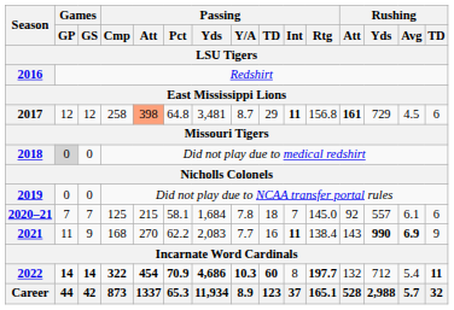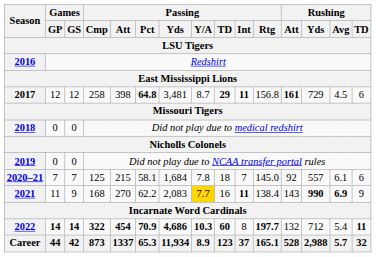 <table class="wikitable" style="text-align:center;">
 <tr>
 <th rowspan="2">Season</th>
 <th colspan="2">Games</th>
 <th colspan="8">Passing</th>
 <th colspan="4">Rushing</th>
 </tr>
 <tr>
 <th>GP</th>
 <th>GS</th>
 <th>Cmp</th>
 <th>Att</th>
 <th>Pct</th>
 <th>Yds</th>
 <th>Y/A</th>
 <th>TD</th>
 <th>Int</th>
 <th>Rtg</th>
 <th>Att</th>
 <th>Yds</th>
 <th>Avg</th>
 <th>TD</th>
 </tr>
 <tr>
 <th colspan="16">LSU Tigers</th>
 </tr>
 <tr>
 <th><a href='#'>2016</a></th>
 <td colspan="14"> <em><a href='#'>Redshirt</a></em></td>
 </tr>
 <tr>
 <th colspan="16">East Mississippi Lions</th>
 </tr>
 <tr>
 <th>2017</th>
 <td>12</td>
 <td>12</td>
 <td>258</td>
-<td style="background: lightsalmon;">398</td>
-<td>64.8</td>
+<td>398</td>
+<td><strong>64.8</strong></td>
 <td>3,481</td>
 <td>8.7</td>
-<td>29</td>
+<td><strong>29</strong></td>
 <td><strong>11</strong></td>
 <td>156.8</td>
 <td><strong>161</strong></td>
 <td>729</td>
 <td>4.5</td>
 <td>6</td>
 </tr>
 <tr>
 <th colspan="16">Missouri Tigers</th>
 </tr>
 <tr>
 <th><a href='#'>2018</a></th>
-<td style="background: lightgrey;">0</td>
+<td>0</td>
 <td>0</td>
 <td colspan="12"><em>Did not play due to <a href='#'>medical redshirt</a></em></td>
 </tr>
 <tr>
 <th colspan="16">Nicholls Colonels</th>
 </tr>
 <tr>
 <th><a href='#'>2019</a></th>
 <td>0</td>
 <td>0</td>
 <td colspan="12"><em>Did not play due to <a href='#'>NCAA transfer portal</a> rules</em></td>
 </tr>
 <tr>
 <th><a href='#'>2020–21</a></th>
 <td>7</td>
 <td>7</td>
 <td>125</td>
 <td>215</td>
 <td>58.1</td>
 <td>1,684</td>
 <td>7.8</td>
 <td>18</td>
 <td>7</td>
 <td>145.0</td>
 <td>92</td>
 <td>557</td>
 <td>6.1</td>
 <td>6</td>
 </tr>
 <tr>
 <th><a href='#'>2021</a></th>
 <td>11</td>
 <td>9</td>
 <td>168</td>
 <td>270</td>
 <td>62.2</td>
 <td>2,083</td>
-<td>7.7</td>
+<td style="background: gold;">7.7</td>
 <td>16</td>
 <td><strong>11</strong></td>
 <td>138.4</td>
 <td>143</td>
 <td><strong>990</strong></td>
 <td><strong>6.9</strong></td>
 <td>9</td>
 </tr>
 <tr>
 <th colspan="16">Incarnate Word Cardinals</th>
 </tr>
 <tr>
 <th><a href='#'>2022</a></th>
 <td><strong>14</strong></td>
 <td><strong>14</strong></td>
 <td><strong>322</strong></td>
 <td><strong>454</strong></td>
 <td><strong>70.9</strong></td>
 <td><strong>4,686</strong></td>
 <td><strong>10.3</strong></td>
 <td><strong>60</strong></td>
 <td>8</td>
 <td><strong>197.7</strong></td>
 <td>132</td>
 <td>712</td>
 <td>5.4</td>
 <td><strong>11</strong></td>
 </tr>
 <tr>
 <th align=center>Career</th>
 <th>44</th>
 <th>42</th>
 <th>873</th>
 <th>1337</th>
 <th>65.3</th>
 <th>11,934</th>
 <th>8.9</th>
 <th>123</th>
 <th>37</th>
 <th>165.1</th>
 <th>528</th>
 <th>2,988</th>
 <th>5.7</th>
 <th>32</th>
 </tr>
 </table>
